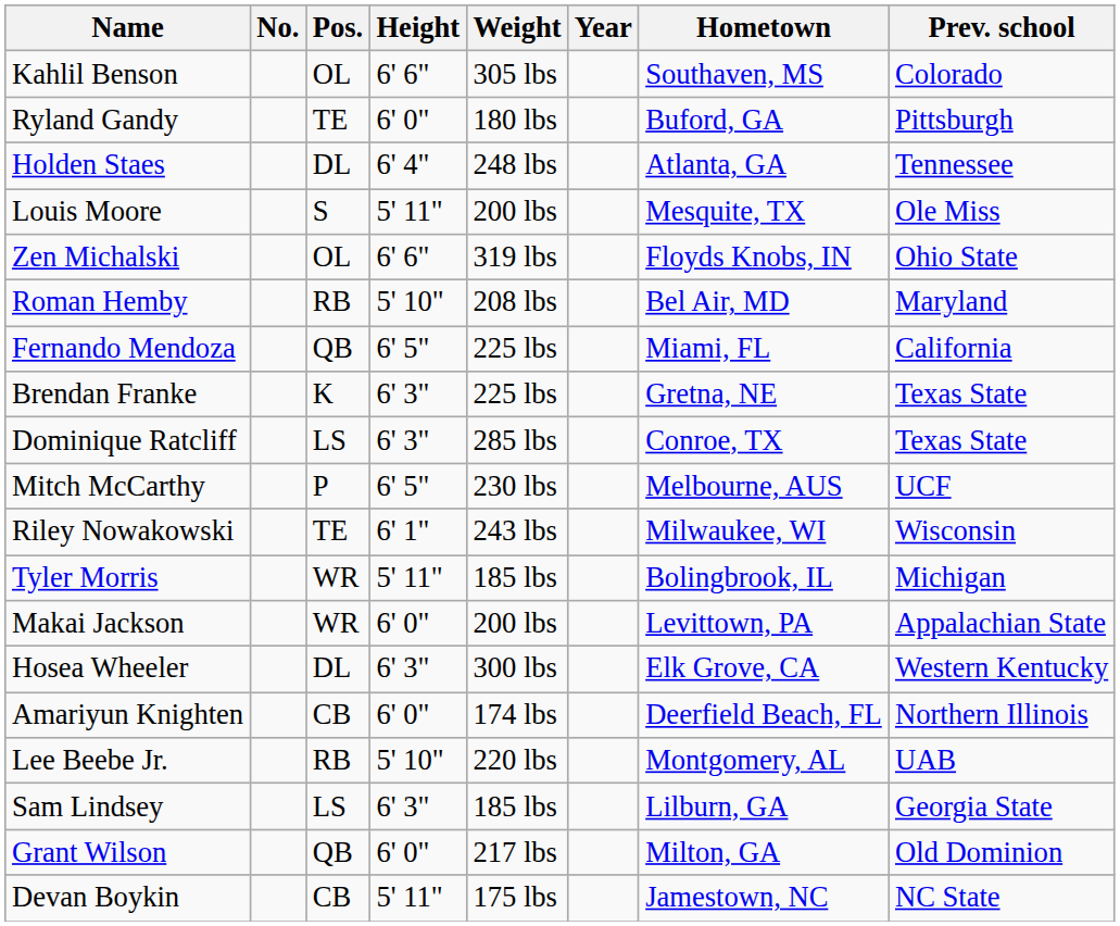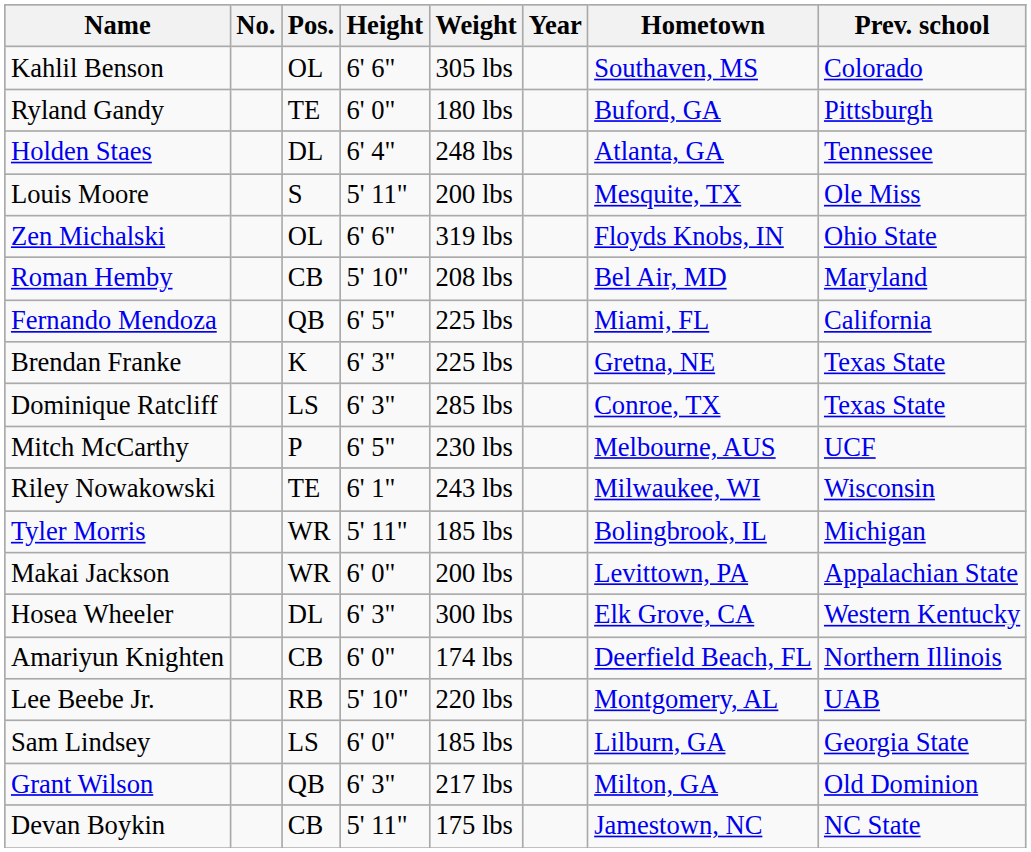 <table class="wikitable sortable" style="text-align:left">
 <tr>
 <th>Name</th>
 <th>No.</th>
 <th>Pos.</th>
 <th>Height</th>
 <th>Weight</th>
 <th>Year</th>
 <th>Hometown</th>
 <th>Prev. school</th>
 </tr>
 <tr>
 <td>Kahlil Benson</td>
 <td></td>
 <td>OL</td>
 <td>6' 6"</td>
 <td>305 lbs</td>
 <td></td>
 <td><a href='#'>Southaven, MS</a></td>
 <td><a href='#'>Colorado</a></td>
 </tr>
 <tr>
 <td>Ryland Gandy</td>
 <td></td>
 <td>TE</td>
 <td>6' 0"</td>
 <td>180 lbs</td>
 <td></td>
 <td><a href='#'>Buford, GA</a></td>
 <td><a href='#'>Pittsburgh</a></td>
 </tr>
 <tr>
 <td><a href='#'>Holden Staes</a></td>
 <td></td>
 <td>DL</td>
 <td>6' 4"</td>
 <td>248 lbs</td>
 <td></td>
 <td><a href='#'>Atlanta, GA</a></td>
 <td><a href='#'>Tennessee</a></td>
 </tr>
 <tr>
 <td>Louis Moore</td>
 <td></td>
 <td>S</td>
 <td>5' 11"</td>
 <td>200 lbs</td>
 <td></td>
 <td><a href='#'>Mesquite, TX</a></td>
 <td><a href='#'>Ole Miss</a></td>
 </tr>
 <tr>
 <td><a href='#'>Zen Michalski</a></td>
 <td></td>
 <td>OL</td>
 <td>6' 6"</td>
 <td>319 lbs</td>
 <td></td>
 <td><a href='#'>Floyds Knobs, IN</a></td>
 <td><a href='#'>Ohio State</a></td>
 </tr>
 <tr>
 <td><a href='#'>Roman Hemby</a></td>
 <td></td>
-<td>RB</td>
+<td>CB</td>
 <td>5' 10"</td>
 <td>208 lbs</td>
 <td></td>
 <td><a href='#'>Bel Air, MD</a></td>
 <td><a href='#'>Maryland</a></td>
 </tr>
 <tr>
 <td><a href='#'>Fernando Mendoza</a></td>
 <td></td>
 <td>QB</td>
 <td>6' 5"</td>
 <td>225 lbs</td>
 <td></td>
 <td><a href='#'>Miami, FL</a></td>
 <td><a href='#'>California</a></td>
 </tr>
 <tr>
 <td>Brendan Franke</td>
 <td></td>
 <td>K</td>
 <td>6' 3"</td>
 <td>225 lbs</td>
 <td></td>
 <td><a href='#'>Gretna, NE</a></td>
 <td><a href='#'>Texas State</a></td>
 </tr>
 <tr>
 <td>Dominique Ratcliff</td>
 <td></td>
 <td>LS</td>
 <td>6' 3"</td>
 <td>285 lbs</td>
 <td></td>
 <td><a href='#'>Conroe, TX</a></td>
 <td><a href='#'>Texas State</a></td>
 </tr>
 <tr>
 <td>Mitch McCarthy</td>
 <td></td>
 <td>P</td>
 <td>6' 5"</td>
 <td>230 lbs</td>
 <td></td>
 <td><a href='#'>Melbourne, AUS</a></td>
 <td><a href='#'>UCF</a></td>
 </tr>
 <tr>
 <td>Riley Nowakowski</td>
 <td></td>
 <td>TE</td>
 <td>6' 1"</td>
 <td>243 lbs</td>
 <td></td>
 <td><a href='#'>Milwaukee, WI</a></td>
 <td><a href='#'>Wisconsin</a></td>
 </tr>
 <tr>
 <td><a href='#'>Tyler Morris</a></td>
 <td></td>
 <td>WR</td>
 <td>5' 11"</td>
 <td>185 lbs</td>
 <td></td>
 <td><a href='#'>Bolingbrook, IL</a></td>
 <td><a href='#'>Michigan</a></td>
 </tr>
 <tr>
 <td>Makai Jackson</td>
 <td></td>
 <td>WR</td>
 <td>6' 0"</td>
 <td>200 lbs</td>
 <td></td>
 <td><a href='#'>Levittown, PA</a></td>
 <td><a href='#'>Appalachian State</a></td>
 </tr>
 <tr>
 <td>Hosea Wheeler</td>
 <td></td>
 <td>DL</td>
 <td>6' 3"</td>
 <td>300 lbs</td>
 <td></td>
 <td><a href='#'>Elk Grove, CA</a></td>
 <td><a href='#'>Western Kentucky</a></td>
 </tr>
 <tr>
 <td>Amariyun Knighten</td>
 <td></td>
 <td>CB</td>
 <td>6' 0"</td>
 <td>174 lbs</td>
 <td></td>
 <td><a href='#'>Deerfield Beach, FL</a></td>
 <td><a href='#'>Northern Illinois</a></td>
 </tr>
 <tr>
 <td>Lee Beebe Jr.</td>
 <td></td>
 <td>RB</td>
 <td>5' 10"</td>
 <td>220 lbs</td>
 <td></td>
 <td><a href='#'>Montgomery, AL</a></td>
 <td><a href='#'>UAB</a></td>
 </tr>
 <tr>
 <td>Sam Lindsey</td>
 <td></td>
 <td>LS</td>
-<td>6' 3"</td>
+<td>6' 0"</td>
 <td>185 lbs</td>
 <td></td>
 <td><a href='#'>Lilburn, GA</a></td>
 <td><a href='#'>Georgia State</a></td>
 </tr>
 <tr>
 <td><a href='#'>Grant Wilson</a></td>
 <td></td>
 <td>QB</td>
-<td>6' 0"</td>
+<td>6' 3"</td>
 <td>217 lbs</td>
 <td></td>
 <td><a href='#'>Milton, GA</a></td>
 <td><a href='#'>Old Dominion</a></td>
 </tr>
 <tr>
 <td>Devan Boykin</td>
 <td></td>
 <td>CB</td>
 <td>5' 11"</td>
 <td>175 lbs</td>
 <td></td>
 <td><a href='#'>Jamestown, NC</a></td>
 <td><a href='#'>NC State</a></td>
 </tr>
 </table>
